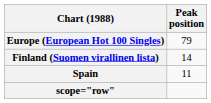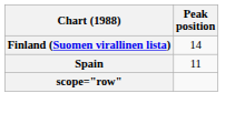 <table class="wikitable sortable plainrowheaders">
 <tr>
 <th>Chart (1988)</th>
 <th>Peak<br>position</th>
-</tr>
-<tr>
-<th scope="row">Europe (<a href='#'>European Hot 100 Singles</a>)</th>
-<td style="text-align:center;">79</td>
 </tr>
 <tr>
 <th scope="row">Finland (<a href='#'>Suomen virallinen lista</a>)</th>
 <td align="center">14</td>
 </tr>
 <tr>
 <th scope="row">Spain</th>
 <td align="center">11</td>
 </tr>
 <tr>
 <th>scope="row"</th>
 </tr>
 </table>
